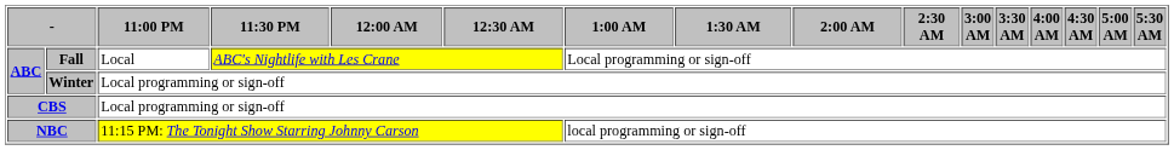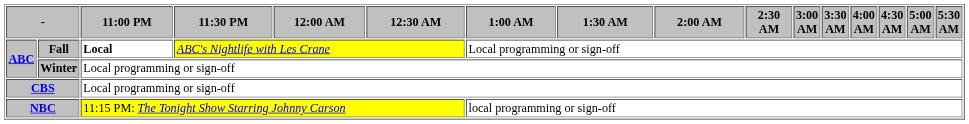 <table border="1" cellpadding="2">
 <tr>
 <th bgcolor="#C0C0C0" colspan=2>-</th>
 <th width="13%" bgcolor="#C0C0C0">11:00 PM</th>
 <th width="14%" bgcolor="#C0C0C0">11:30 PM</th>
 <th width="13%" bgcolor="#C0C0C0">12:00 AM</th>
 <th width="14%" bgcolor="#C0C0C0">12:30 AM</th>
 <th width="13%" bgcolor="#C0C0C0">1:00 AM</th>
 <th width="14%" bgcolor="#C0C0C0">1:30 AM</th>
 <th width="13%" bgcolor="#C0C0C0">2:00 AM</th>
 <th width="14%" bgcolor="#C0C0C0">2:30 AM</th>
 <th width="13%" bgcolor="#C0C0C0">3:00 AM</th>
 <th width="14%" bgcolor="#C0C0C0">3:30 AM</th>
 <th width="13%" bgcolor="#C0C0C0">4:00 AM</th>
 <th width="14%" bgcolor="#C0C0C0">4:30 AM</th>
 <th width="13%" bgcolor="#C0C0C0">5:00 AM</th>
 <th width="14%" bgcolor="#C0C0C0">5:30 AM</th>
 </tr>
 <tr>
 <th bgcolor="#C0C0C0" rowspan=2><a href='#'>ABC</a></th>
 <th bgcolor=#C0C0C0>Fall</th>
-<td bgcolor="white">Local</td>
+<td bgcolor="white"><strong>Local</strong></td>
 <td bgcolor="yellow" colspan="3"><a href='#'><em>ABC's Nightlife with Les Crane</em></a></td>
 <td bgcolor="white" colspan="12">Local programming or sign-off</td>
 </tr>
 <tr>
 <th bgcolor=#C0C0C0>Winter</th>
 <td bgcolor="white" colspan="14">Local programming or sign-off</td>
 </tr>
 <tr>
 <th bgcolor="#C0C0C0" colspan=2><a href='#'>CBS</a></th>
 <td bgcolor="white" colspan="14">Local programming or sign-off</td>
 </tr>
 <tr>
 <th bgcolor="#C0C0C0" colspan=2><a href='#'>NBC</a></th>
 <td bgcolor="yellow" colspan="4">11:15 PM: <em><a href='#'>The Tonight Show Starring Johnny Carson</a></em></td>
 <td bgcolor="white" colspan="10">local programming or sign-off</td>
 </tr>
 </table>
